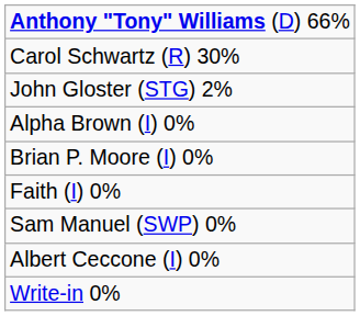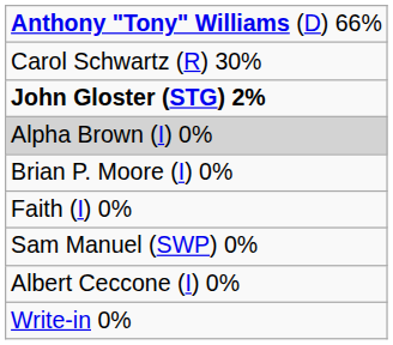 <table class="wikitable">
 <tr>
 <td><strong><a href='#'>Anthony "Tony" Williams</a></strong> (<a href='#'>D</a>) 66%</td>
 </tr>
 <tr>
 <td>Carol Schwartz (<a href='#'>R</a>) 30%</td>
 </tr>
 <tr>
-<td>John Gloster (<a href='#'>STG</a>) 2%</td>
+<td><strong>John Gloster (<a href='#'>STG</a>) 2%</strong></td>
 </tr>
 <tr>
-<td>Alpha Brown (<a href='#'>I</a>) 0%</td>
+<td style="background: lightgrey;">Alpha Brown (<a href='#'>I</a>) 0%</td>
 </tr>
 <tr>
 <td>Brian P. Moore (<a href='#'>I</a>) 0%</td>
 </tr>
 <tr>
 <td>Faith (<a href='#'>I</a>) 0%</td>
 </tr>
 <tr>
 <td>Sam Manuel (<a href='#'>SWP</a>) 0%</td>
 </tr>
 <tr>
 <td>Albert Ceccone (<a href='#'>I</a>) 0%</td>
 </tr>
 <tr>
 <td><a href='#'>Write-in</a> 0%</td>
 </tr>
 </table>
